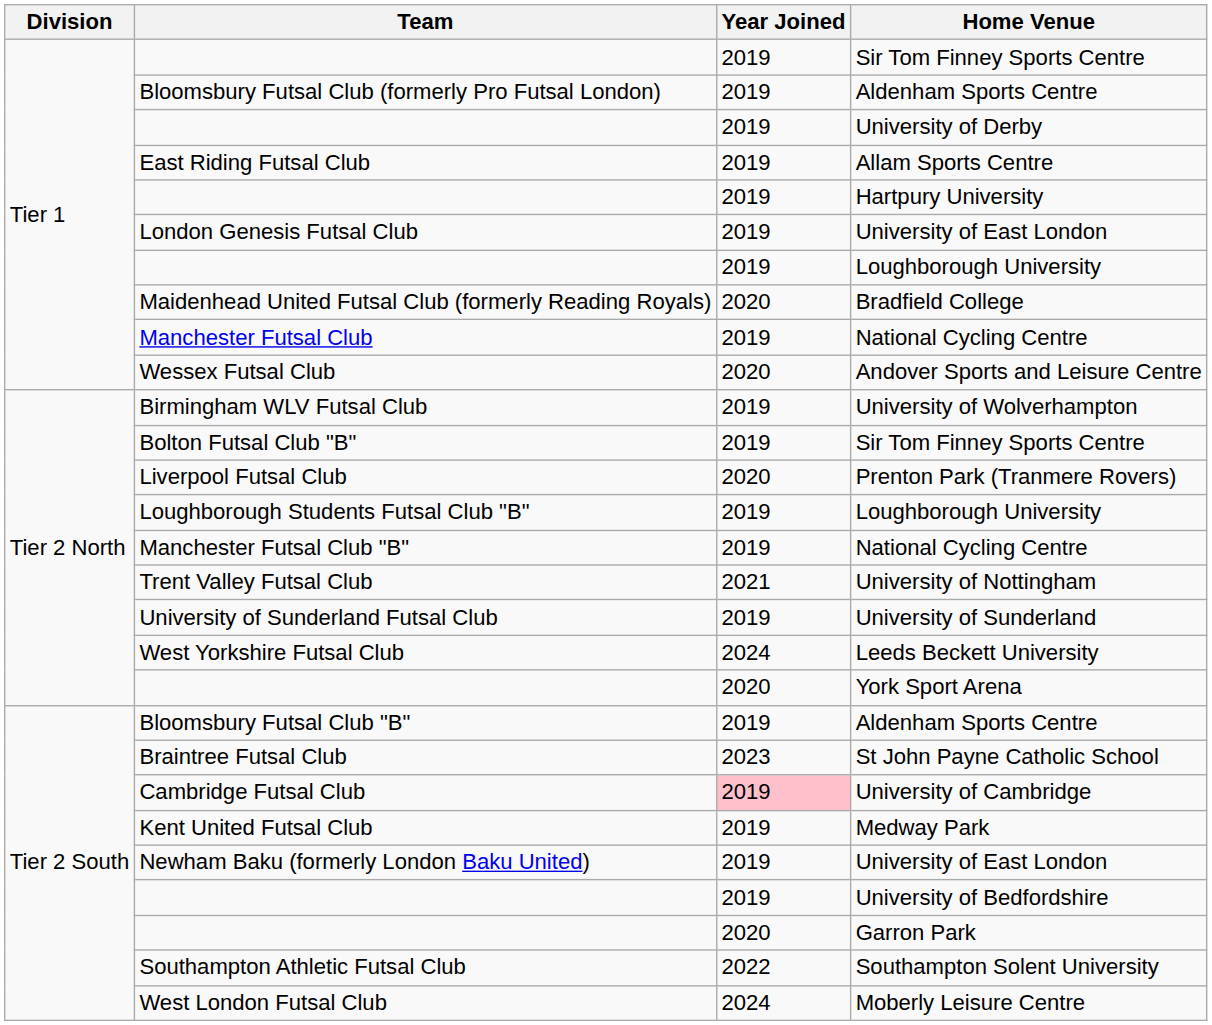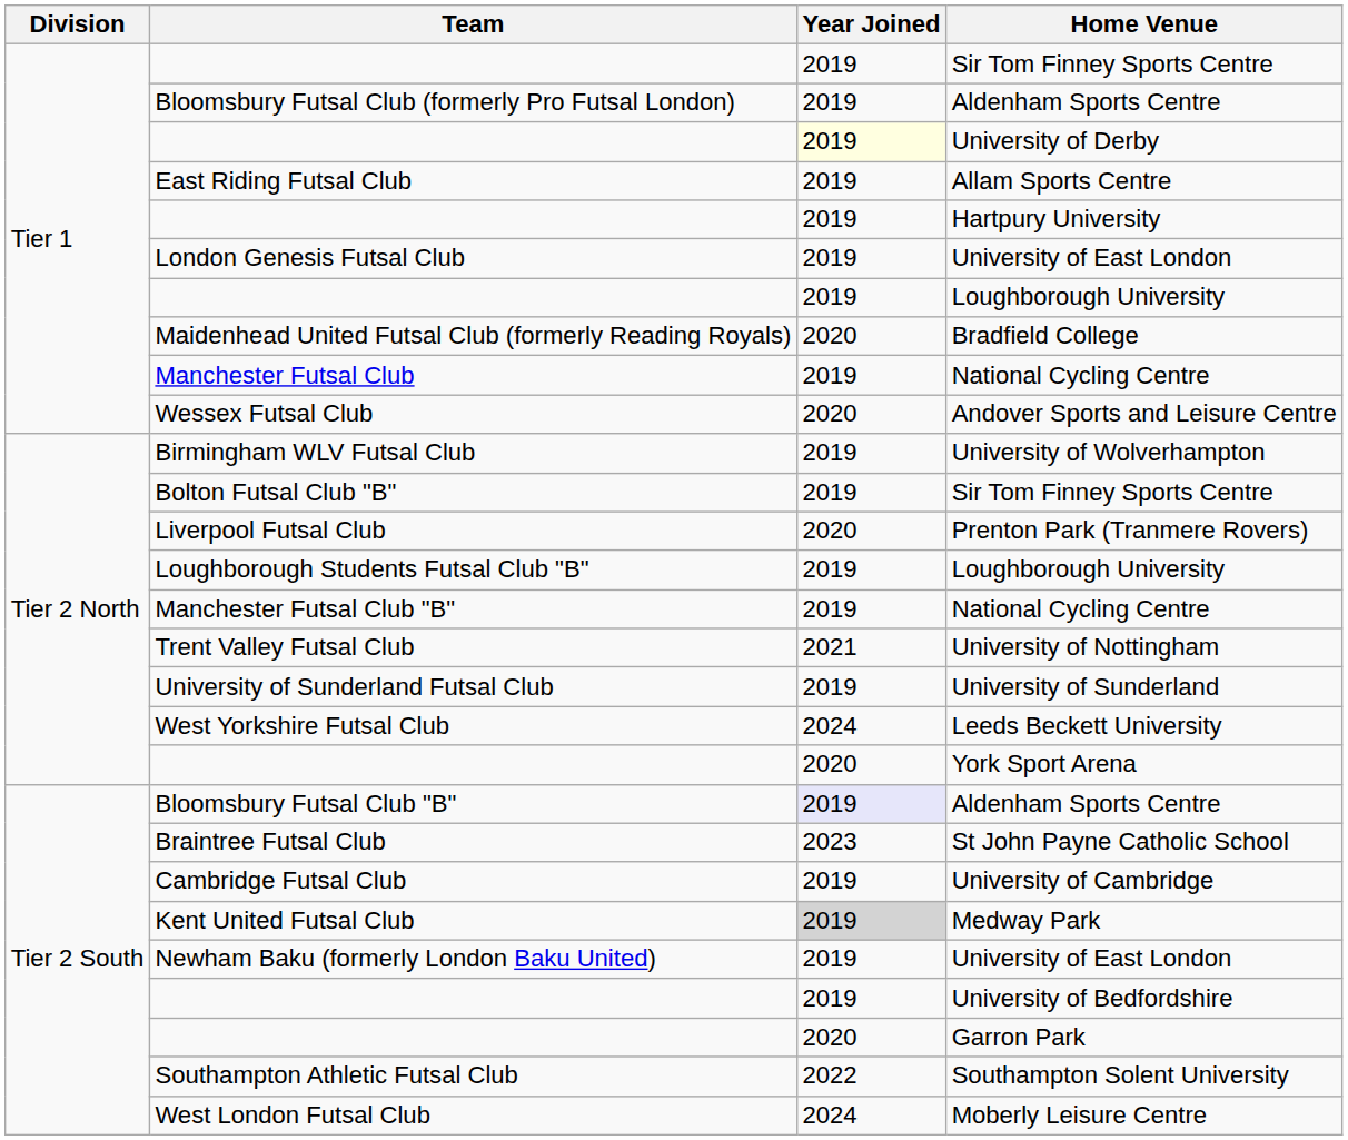 <table class="wikitable sortable">
 <tr>
 <th>Division</th>
 <th>Team</th>
 <th>Year Joined</th>
 <th>Home Venue</th>
 </tr>
 <tr>
 <td rowspan="10">Tier 1</td>
 <td></td>
 <td>2019</td>
 <td>Sir Tom Finney Sports Centre</td>
 </tr>
 <tr>
 <td>Bloomsbury Futsal Club (formerly Pro Futsal London)</td>
 <td>2019</td>
 <td>Aldenham Sports Centre</td>
 </tr>
 <tr>
 <td></td>
-<td>2019</td>
+<td style="background: lightyellow;">2019</td>
 <td>University of Derby</td>
 </tr>
 <tr>
 <td>East Riding Futsal Club</td>
 <td>2019</td>
 <td>Allam Sports Centre</td>
 </tr>
 <tr>
 <td></td>
 <td>2019</td>
 <td>Hartpury University</td>
 </tr>
 <tr>
 <td>London Genesis Futsal Club</td>
 <td>2019</td>
 <td>University of East London</td>
 </tr>
 <tr>
 <td></td>
 <td>2019</td>
 <td>Loughborough University</td>
 </tr>
 <tr>
 <td>Maidenhead United Futsal Club (formerly Reading Royals)</td>
 <td>2020</td>
 <td>Bradfield College</td>
 </tr>
 <tr>
 <td><a href='#'>Manchester Futsal Club</a></td>
 <td>2019</td>
 <td>National Cycling Centre</td>
 </tr>
 <tr>
 <td>Wessex Futsal Club</td>
 <td>2020</td>
 <td>Andover Sports and Leisure Centre</td>
 </tr>
 <tr>
 <td rowspan="9">Tier 2 North</td>
 <td>Birmingham WLV Futsal Club</td>
 <td>2019</td>
 <td>University of Wolverhampton</td>
 </tr>
 <tr>
 <td>Bolton Futsal Club "B"</td>
 <td>2019</td>
 <td>Sir Tom Finney Sports Centre</td>
 </tr>
 <tr>
 <td>Liverpool Futsal Club</td>
 <td>2020</td>
 <td>Prenton Park (Tranmere Rovers)</td>
 </tr>
 <tr>
 <td>Loughborough Students Futsal Club "B"</td>
 <td>2019</td>
 <td>Loughborough University</td>
 </tr>
 <tr>
 <td>Manchester Futsal Club "B"</td>
 <td>2019</td>
 <td>National Cycling Centre</td>
 </tr>
 <tr>
 <td>Trent Valley Futsal Club</td>
 <td>2021</td>
 <td>University of Nottingham</td>
 </tr>
 <tr>
 <td>University of Sunderland Futsal Club</td>
 <td>2019</td>
 <td>University of Sunderland</td>
 </tr>
 <tr>
 <td>West Yorkshire Futsal Club</td>
 <td>2024</td>
 <td>Leeds Beckett University</td>
 </tr>
 <tr>
 <td></td>
 <td>2020</td>
 <td>York Sport Arena</td>
 </tr>
 <tr>
 <td rowspan="9">Tier 2 South</td>
 <td>Bloomsbury Futsal Club "B"</td>
-<td>2019</td>
+<td style="background: lavender;">2019</td>
 <td>Aldenham Sports Centre</td>
 </tr>
 <tr>
 <td>Braintree Futsal Club</td>
 <td>2023</td>
 <td>St John Payne Catholic School</td>
 </tr>
 <tr>
 <td>Cambridge Futsal Club</td>
-<td style="background: pink;">2019</td>
+<td>2019</td>
 <td>University of Cambridge</td>
 </tr>
 <tr>
 <td>Kent United Futsal Club</td>
-<td>2019</td>
+<td style="background: lightgrey;">2019</td>
 <td>Medway Park</td>
 </tr>
 <tr>
 <td>Newham Baku (formerly London <a href='#'>Baku United</a>)</td>
 <td>2019</td>
 <td>University of East London</td>
 </tr>
 <tr>
 <td></td>
 <td>2019</td>
 <td>University of Bedfordshire</td>
 </tr>
 <tr>
 <td></td>
 <td>2020</td>
 <td>Garron Park</td>
 </tr>
 <tr>
 <td>Southampton Athletic Futsal Club</td>
 <td>2022</td>
 <td>Southampton Solent University</td>
 </tr>
 <tr>
 <td>West London Futsal Club</td>
 <td>2024</td>
 <td>Moberly Leisure Centre</td>
 </tr>
 </table>
